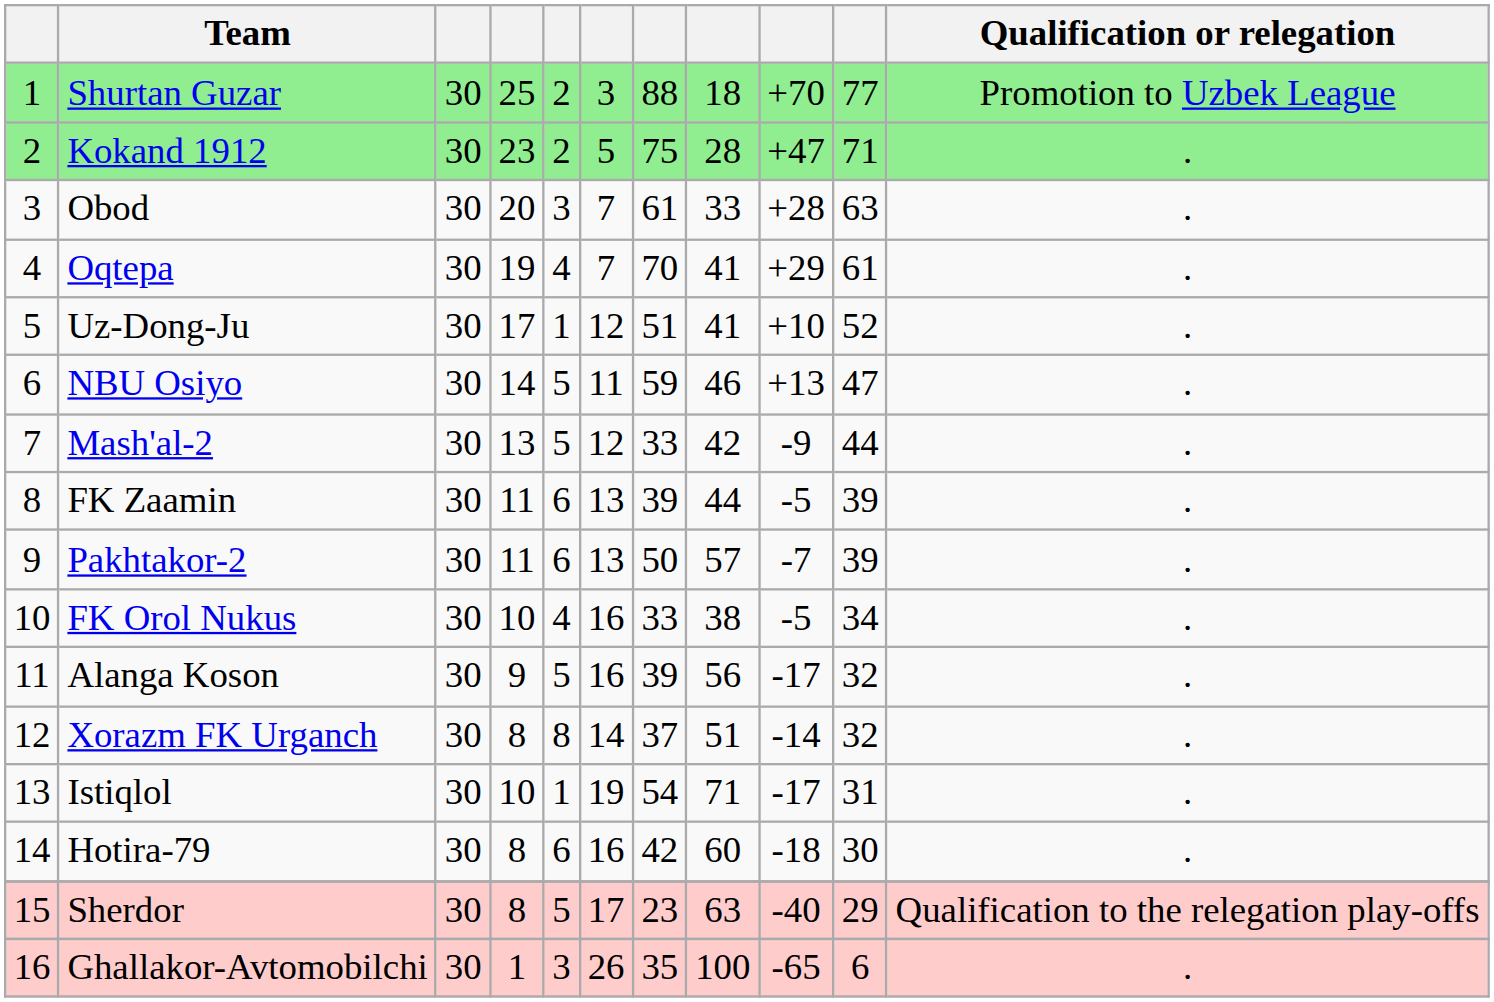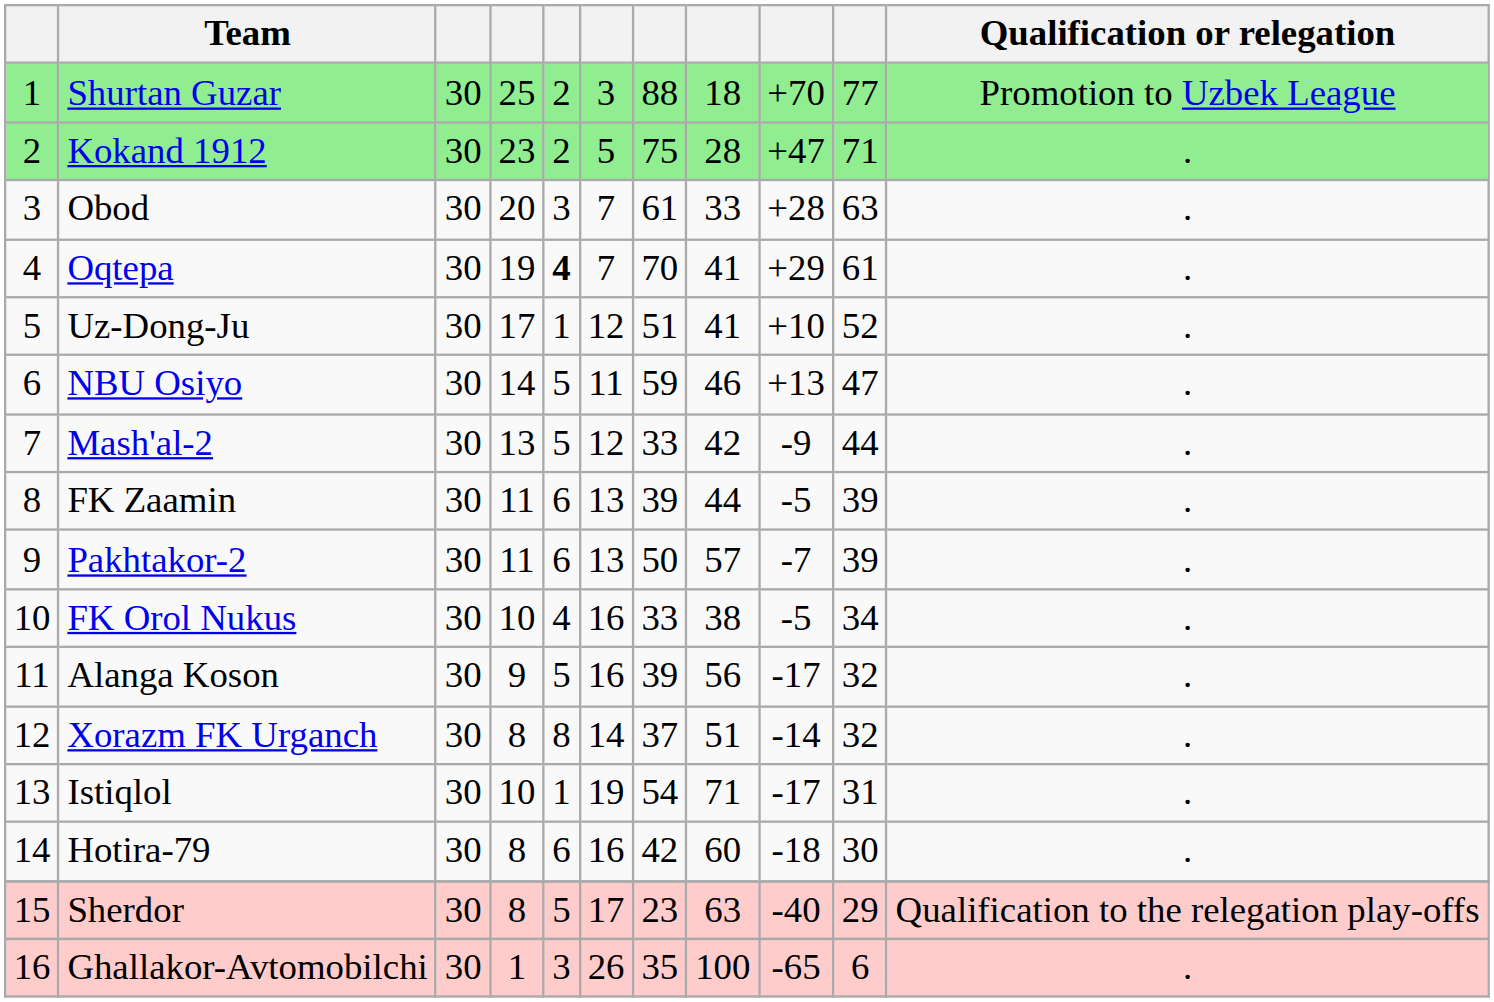 <table class="wikitable sortable" style="text-align:center; font-size:100%;">
 <tr>
 <th></th>
 <th>Team</th>
 <th></th>
 <th></th>
 <th></th>
 <th></th>
 <th></th>
 <th></th>
 <th></th>
 <th></th>
 <th>Qualification or relegation</th>
 </tr>
 <tr align="center" bgcolor="#90EE90">
 <td>1</td>
 <td align="left"><a href='#'>Shurtan Guzar</a></td>
 <td>30</td>
 <td>25</td>
 <td>2</td>
 <td>3</td>
 <td>88</td>
 <td>18</td>
 <td>+70</td>
 <td>77</td>
 <td>Promotion to <a href='#'>Uzbek League</a></td>
 </tr>
 <tr align="center" bgcolor="#90EE90">
 <td>2</td>
 <td align="left"><a href='#'>Kokand 1912</a></td>
 <td>30</td>
 <td>23</td>
 <td>2</td>
 <td>5</td>
 <td>75</td>
 <td>28</td>
 <td>+47</td>
 <td>71</td>
 <td>.</td>
 </tr>
 <tr>
 <td>3</td>
 <td align="left">Obod</td>
 <td>30</td>
 <td>20</td>
 <td>3</td>
 <td>7</td>
 <td>61</td>
 <td>33</td>
 <td>+28</td>
 <td>63</td>
 <td>.</td>
 </tr>
 <tr>
 <td>4</td>
 <td align="left"><a href='#'>Oqtepa</a></td>
 <td>30</td>
 <td>19</td>
-<td>4</td>
+<td><strong>4</strong></td>
 <td>7</td>
 <td>70</td>
 <td>41</td>
 <td>+29</td>
 <td>61</td>
 <td>.</td>
 </tr>
 <tr>
 <td>5</td>
 <td align="left">Uz-Dong-Ju</td>
 <td>30</td>
 <td>17</td>
 <td>1</td>
 <td>12</td>
 <td>51</td>
 <td>41</td>
 <td>+10</td>
 <td>52</td>
 <td>.</td>
 </tr>
 <tr>
 <td>6</td>
 <td align="left"><a href='#'>NBU Osiyo</a></td>
 <td>30</td>
 <td>14</td>
 <td>5</td>
 <td>11</td>
 <td>59</td>
 <td>46</td>
 <td>+13</td>
 <td>47</td>
 <td>.</td>
 </tr>
 <tr>
 <td>7</td>
 <td align="left"><a href='#'>Mash'al-2</a></td>
 <td>30</td>
 <td>13</td>
 <td>5</td>
 <td>12</td>
 <td>33</td>
 <td>42</td>
 <td>-9</td>
 <td>44</td>
 <td>.</td>
 </tr>
 <tr>
 <td>8</td>
 <td align="left">FK Zaamin</td>
 <td>30</td>
 <td>11</td>
 <td>6</td>
 <td>13</td>
 <td>39</td>
 <td>44</td>
 <td>-5</td>
 <td>39</td>
 <td>.</td>
 </tr>
 <tr>
 <td>9</td>
 <td align="left"><a href='#'>Pakhtakor-2</a></td>
 <td>30</td>
 <td>11</td>
 <td>6</td>
 <td>13</td>
 <td>50</td>
 <td>57</td>
 <td>-7</td>
 <td>39</td>
 <td>.</td>
 </tr>
 <tr>
 <td>10</td>
 <td align="left"><a href='#'>FK Orol Nukus</a></td>
 <td>30</td>
 <td>10</td>
 <td>4</td>
 <td>16</td>
 <td>33</td>
 <td>38</td>
 <td>-5</td>
 <td>34</td>
 <td>.</td>
 </tr>
 <tr>
 <td>11</td>
 <td align="left">Alanga Koson</td>
 <td>30</td>
 <td>9</td>
 <td>5</td>
 <td>16</td>
 <td>39</td>
 <td>56</td>
 <td>-17</td>
 <td>32</td>
 <td>.</td>
 </tr>
 <tr>
 <td>12</td>
 <td align="left"><a href='#'>Xorazm FK Urganch</a></td>
 <td>30</td>
 <td>8</td>
 <td>8</td>
 <td>14</td>
 <td>37</td>
 <td>51</td>
 <td>-14</td>
 <td>32</td>
 <td>.</td>
 </tr>
 <tr>
 <td>13</td>
 <td align="left">Istiqlol</td>
 <td>30</td>
 <td>10</td>
 <td>1</td>
 <td>19</td>
 <td>54</td>
 <td>71</td>
 <td>-17</td>
 <td>31</td>
 <td>.</td>
 </tr>
 <tr>
 <td>14</td>
 <td align="left">Hotira-79</td>
 <td>30</td>
 <td>8</td>
 <td>6</td>
 <td>16</td>
 <td>42</td>
 <td>60</td>
 <td>-18</td>
 <td>30</td>
 <td>.</td>
 </tr>
 <tr>
 </tr>
 <tr align="center" bgcolor="#FFCCCC">
 <td>15</td>
 <td align="left">Sherdor</td>
 <td>30</td>
 <td>8</td>
 <td>5</td>
 <td>17</td>
 <td>23</td>
 <td>63</td>
 <td>-40</td>
 <td>29</td>
 <td>Qualification to the relegation play-offs</td>
 </tr>
 <tr>
 </tr>
 <tr align="center" bgcolor="#FFCCCC">
 <td>16</td>
 <td align="left">Ghallakor-Avtomobilchi</td>
 <td>30</td>
 <td>1</td>
 <td>3</td>
 <td>26</td>
 <td>35</td>
 <td>100</td>
 <td>-65</td>
 <td>6</td>
 <td>.</td>
 </tr>
 </table>
